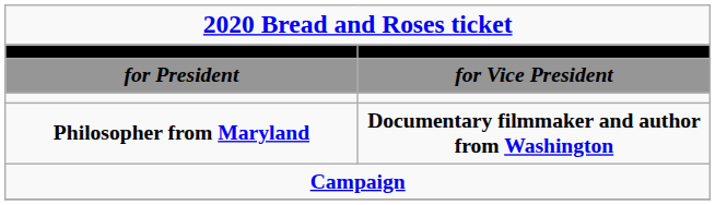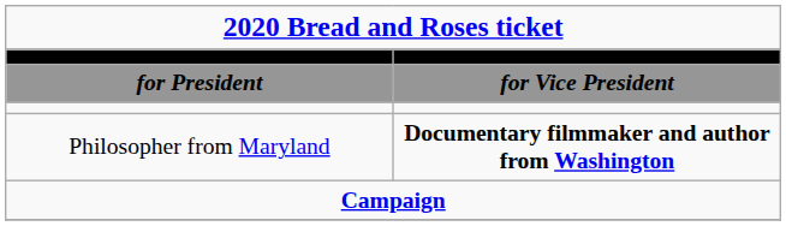 <table class="wikitable" style="font-size:90%; text-align:center;">
 <tr>
 <td colspan=2><big><strong><a href='#'>2020 Bread and Roses ticket</a></strong></big></td>
 </tr>
 <tr>
 <th style="font-size:135%; background:#000000"></th>
 <th style="font-size:135%; background:#000000"></th>
 </tr>
 <tr style="color:#000000; font-size:100%; background:#969696">
 <td><strong><em>for President</em></strong></td>
 <td><strong><em>for Vice President</em></strong></td>
 </tr>
 <tr>
 <td></td>
 <td></td>
 </tr>
 <tr>
-<td style=width:16em><strong>Philosopher from <a href='#'>Maryland</a></strong></td>
+<td style=width:16em>Philosopher from <a href='#'>Maryland</a></td>
 <td style=width:16em><strong>Documentary filmmaker and author from <a href='#'>Washington</a></strong></td>
 </tr>
 <tr>
 <td colspan=2><a href='#'><strong>Campaign</strong></a></td>
 </tr>
 <tr>
 </tr>
 </table>
